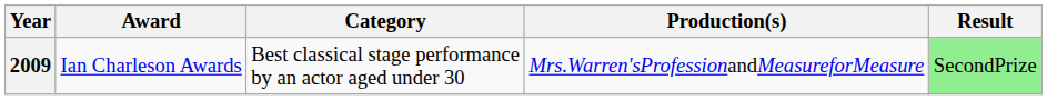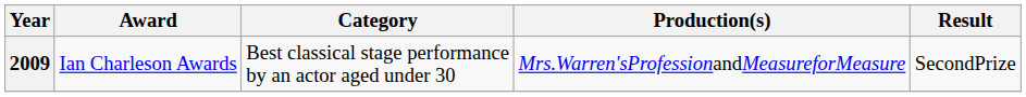 <table class="wikitable sortable plainrowheaders">
 <tr>
 <th scope="col">Year</th>
 <th scope="col">Award</th>
 <th scope="col">Category</th>
 <th scope="col">Production(s)</th>
 <th scope="col">Result</th>
 </tr>
 <tr>
 <th scope="row">2009</th>
 <td><a href='#'>Ian Charleson Awards</a></td>
 <td>Best classical stage performance <br>by an actor aged under 30</td>
 <td><em><a href='#'>Mrs.Warren'sProfession</a></em>and<em><a href='#'>MeasureforMeasure</a></em></td>
-<td style="background: lightgreen;">SecondPrize</td>
+<td>SecondPrize</td>
 </tr>
 <tr>
 </tr>
 </table>
